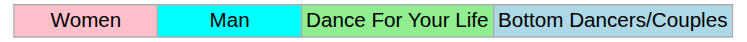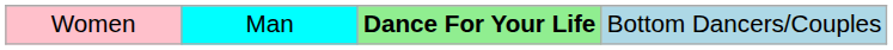 <table class="wikitable" style="margin:1em auto; text-align:center;">
 <tr>
 </tr>
 <tr>
 <td style="background:pink; width:20%;">Women</td>
 <td style="background:cyan; width:20%;">Man</td>
-<td style="background:lightgreen;">Dance For Your Life</td>
+<td style="background:lightgreen;"><strong>Dance For Your Life</strong></td>
 <td style="background:lightblue;">Bottom Dancers/Couples</td>
 </tr>
 </table>
